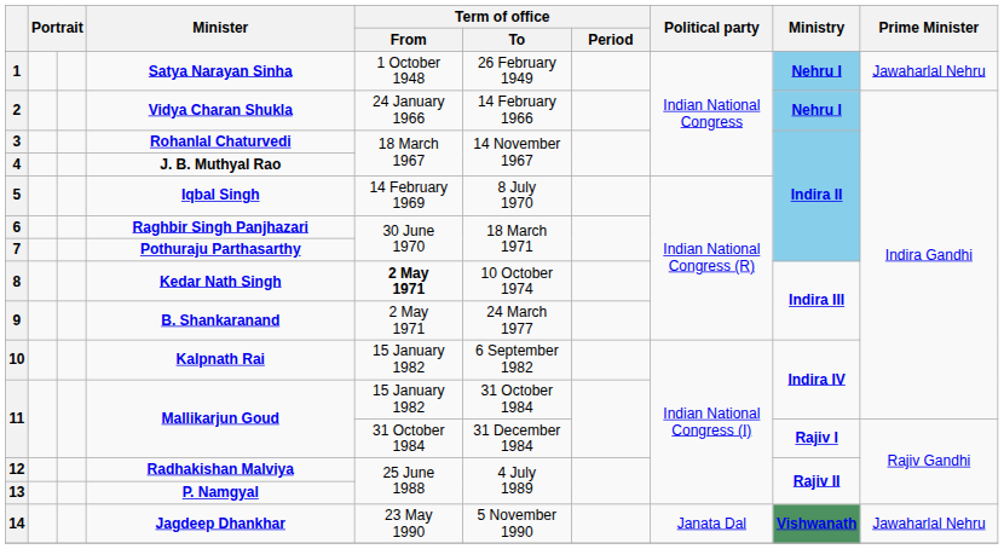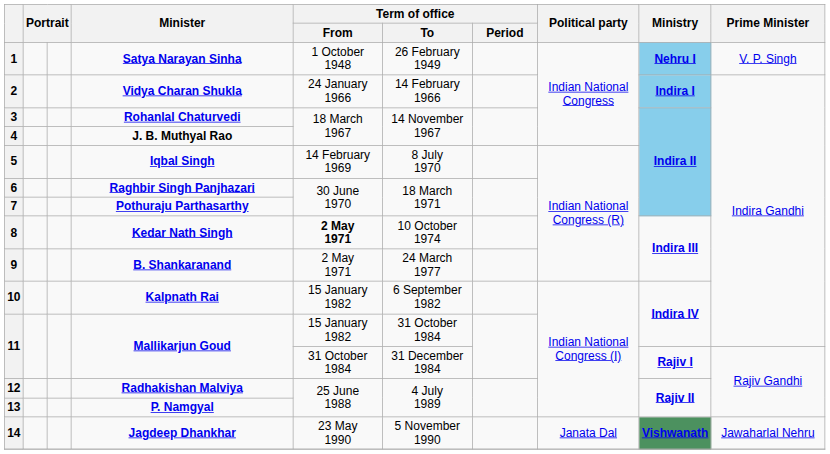 <table class="wikitable" style="text-align:center">
 <tr>
 <th rowspan="2"></th>
 <th colspan="2" rowspan="2">Portrait</th>
 <th rowspan="2" style="width:18em">Minister<br></th>
 <th colspan="3">Term of office</th>
 <th rowspan="2" style="width:8em">Political party</th>
 <th rowspan="2">Ministry</th>
 <th rowspan="2" style="width:9em">Prime Minister</th>
 </tr>
 <tr>
 <th style="width:7em">From</th>
 <th style="width:7em">To</th>
 <th style="width:5em">Period</th>
 </tr>
 <tr>
 <th>1</th>
 <td></td>
 <td></td>
 <td><strong><a href='#'>Satya Narayan Sinha</a></strong><br></td>
 <td>1 October<br>1948</td>
 <td>26 February<br>1949</td>
 <td><strong></strong></td>
 <td rowspan="4"><a href='#'>Indian National Congress</a></td>
 <td bgcolor="#87CEEB"><strong><a href='#'>Nehru I</a></strong></td>
-<td><a href='#'>Jawaharlal Nehru</a></td>
+<td><a href='#'>V. P. Singh</a></td>
 </tr>
 <tr>
 <th>2</th>
 <td></td>
 <td></td>
 <td><strong><a href='#'>Vidya Charan Shukla</a></strong><br></td>
 <td>24 January<br>1966</td>
 <td>14 February<br>1966</td>
 <td><strong></strong></td>
-<td bgcolor="#87CEEB"><strong><a href='#'>Nehru I</a></strong></td>
+<td bgcolor="#87CEEB"><strong><a href='#'>Indira I</a></strong></td>
 <td rowspan="10"><a href='#'>Indira Gandhi</a></td>
 </tr>
 <tr>
 <th>3</th>
 <td></td>
 <td></td>
 <td><strong><a href='#'>Rohanlal Chaturvedi</a></strong><br></td>
 <td rowspan="2">18 March<br>1967</td>
 <td rowspan="2">14 November<br>1967</td>
 <td rowspan="2"><strong></strong></td>
 <td rowspan="5" bgcolor="#87CEEB"><strong><a href='#'>Indira II</a></strong></td>
 </tr>
 <tr>
 <th>4</th>
 <td></td>
 <td></td>
 <td><strong>J. B. Muthyal Rao</strong><br></td>
 </tr>
 <tr>
 <th>5</th>
 <td></td>
 <td></td>
 <td><strong><a href='#'>Iqbal Singh</a></strong><br></td>
 <td>14 February<br>1969</td>
 <td>8 July<br>1970</td>
 <td><strong></strong></td>
 <td rowspan="5"><a href='#'>Indian National Congress (R)</a></td>
 </tr>
 <tr>
 <th>6</th>
 <td></td>
 <td></td>
 <td><strong><a href='#'>Raghbir Singh Panjhazari</a></strong><br></td>
 <td rowspan="2">30 June<br>1970</td>
 <td rowspan="2">18 March<br>1971</td>
 <td rowspan="2"><strong></strong></td>
 </tr>
 <tr>
 <th>7</th>
 <td></td>
 <td></td>
 <td><strong><a href='#'>Pothuraju Parthasarthy</a></strong><br></td>
 </tr>
 <tr>
 <th>8</th>
 <td></td>
 <td></td>
 <td><strong><a href='#'>Kedar Nath Singh</a></strong><br></td>
 <td><strong>2 May<br>1971</strong></td>
 <td>10 October<br>1974</td>
 <td><strong></strong></td>
 <td rowspan="2"><strong><a href='#'>Indira III</a></strong></td>
 </tr>
 <tr>
 <th>9</th>
 <td></td>
 <td></td>
 <td><strong><a href='#'>B. Shankaranand</a></strong><br></td>
 <td>2 May<br>1971</td>
 <td>24 March<br>1977</td>
 <td><strong></strong></td>
 </tr>
 <tr>
 <th>10</th>
 <td></td>
 <td></td>
 <td><strong><a href='#'>Kalpnath Rai</a></strong><br></td>
 <td>15 January<br>1982</td>
 <td>6 September<br>1982</td>
 <td><strong></strong></td>
 <td rowspan="5"><a href='#'>Indian National Congress (I)</a></td>
 <td rowspan="2"><strong><a href='#'>Indira IV</a></strong></td>
 </tr>
 <tr>
 <th rowspan="2">11</th>
 <td rowspan="2"></td>
 <td rowspan="2"></td>
 <td rowspan="2"><strong><a href='#'>Mallikarjun Goud</a></strong><br></td>
 <td>15 January<br>1982</td>
 <td>31 October<br>1984</td>
 <td rowspan="2"><strong></strong></td>
 </tr>
 <tr>
 <td>31 October<br>1984</td>
 <td>31 December<br>1984</td>
 <td><strong><a href='#'>Rajiv I</a></strong></td>
 <td rowspan="3"><a href='#'>Rajiv Gandhi</a></td>
 </tr>
 <tr>
 <th>12</th>
 <td></td>
 <td></td>
 <td><strong><a href='#'>Radhakishan Malviya</a></strong><br></td>
 <td rowspan="2">25 June<br>1988</td>
 <td rowspan="2">4 July<br>1989</td>
 <td rowspan="2"><strong></strong></td>
 <td rowspan="2"><strong><a href='#'>Rajiv II</a></strong></td>
 </tr>
 <tr>
 <th>13</th>
 <td></td>
 <td></td>
 <td><strong><a href='#'>P. Namgyal</a></strong><br></td>
 </tr>
 <tr>
 <th>14</th>
 <td></td>
 <td></td>
 <td><strong><a href='#'>Jagdeep Dhankhar</a></strong><br></td>
 <td>23 May<br>1990</td>
 <td>5 November<br>1990</td>
 <td><strong></strong></td>
 <td><a href='#'>Janata Dal</a></td>
 <td style="background:#4C915F"><strong><a href='#'>Vishwanath</a></strong></td>
 <td><a href='#'>Jawaharlal Nehru</a></td>
 </tr>
 <tr>
 </tr>
 </table>
